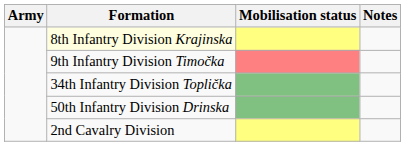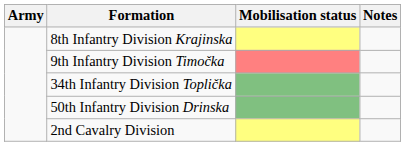 <table class="wikitable">
 <tr>
 <th scope="col">Army</th>
 <th scope="col">Formation</th>
 <th scope="col">Mobilisation status</th>
 <th scope="col">Notes</th>
 </tr>
 <tr>
 <td rowspan=5></td>
-<td style="background: lightyellow;">8th Infantry Division <em>Krajinska</em></td>
+<td>8th Infantry Division <em>Krajinska</em></td>
 <td bgcolor="FFFF80"></td>
 <td></td>
 </tr>
 <tr>
 <td>9th Infantry Division <em>Timočka</em></td>
 <td bgcolor="FF8080"></td>
 <td></td>
 </tr>
 <tr>
 <td>34th Infantry Division <em>Toplička</em></td>
 <td bgcolor="80C080"></td>
 <td></td>
 </tr>
 <tr>
 <td>50th Infantry Division <em>Drinska</em></td>
 <td bgcolor="80C080"></td>
 <td></td>
 </tr>
 <tr>
 <td>2nd Cavalry Division</td>
 <td bgcolor="FFFF80"></td>
 <td></td>
 </tr>
 </table>
